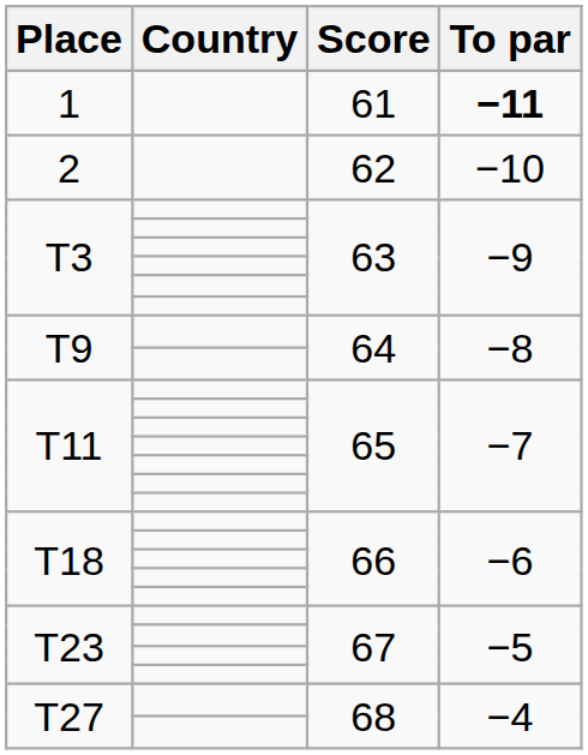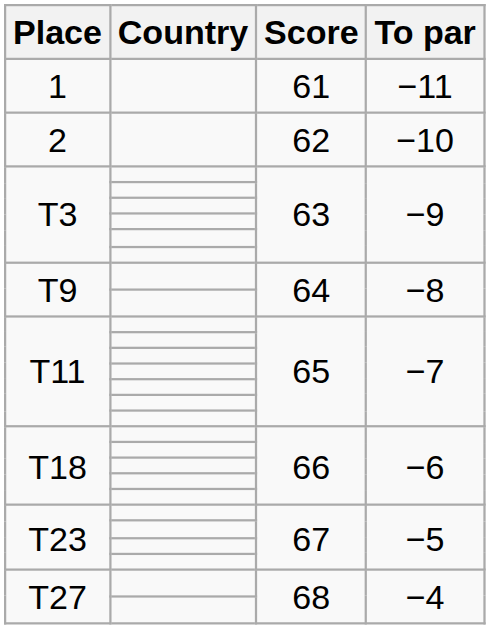 <table class="wikitable" style="font-size:95%;">
 <tr>
 <th>Place</th>
 <th>Country</th>
 <th>Score</th>
 <th>To par</th>
 </tr>
 <tr>
 <td align=center>1</td>
 <td></td>
 <td align=center>61</td>
-<td align=center><strong>−11</strong></td>
+<td align=center>−11</td>
 </tr>
 <tr>
 <td align=center>2</td>
 <td></td>
 <td align=center>62</td>
 <td align=center>−10</td>
 </tr>
 <tr>
 <td align=center rowspan=6>T3</td>
 <td></td>
 <td rowspan=6 align=center>63</td>
 <td rowspan=6 align=center>−9</td>
 </tr>
 <tr>
 <td></td>
 </tr>
 <tr>
 <td></td>
 </tr>
 <tr>
 <td></td>
 </tr>
 <tr>
 <td></td>
 </tr>
 <tr>
 <td></td>
 </tr>
 <tr>
 <td align=center rowspan=2>T9</td>
 <td></td>
 <td rowspan=2 align=center>64</td>
 <td rowspan=2 align=center>−8</td>
 </tr>
 <tr>
 <td></td>
 </tr>
 <tr>
 <td align=center rowspan=7>T11</td>
 <td></td>
 <td rowspan=7 align=center>65</td>
 <td rowspan=7 align=center>−7</td>
 </tr>
 <tr>
 <td></td>
 </tr>
 <tr>
 <td></td>
 </tr>
 <tr>
 <td></td>
 </tr>
 <tr>
 <td></td>
 </tr>
 <tr>
 <td></td>
 </tr>
 <tr>
 <td></td>
 </tr>
 <tr>
 <td align=center rowspan=5>T18</td>
 <td></td>
 <td rowspan=5 align=center>66</td>
 <td rowspan=5 align=center>−6</td>
 </tr>
 <tr>
 <td></td>
 </tr>
 <tr>
 <td></td>
 </tr>
 <tr>
 <td></td>
 </tr>
 <tr>
 <td></td>
 </tr>
 <tr>
 <td align=center rowspan=4>T23</td>
 <td></td>
 <td rowspan=4 align=center>67</td>
 <td rowspan=4 align=center>−5</td>
 </tr>
 <tr>
 <td></td>
 </tr>
 <tr>
 <td></td>
 </tr>
 <tr>
 <td></td>
 </tr>
 <tr>
 <td align=center rowspan=2>T27</td>
 <td></td>
 <td rowspan=2 align=center>68</td>
 <td rowspan=2 align=center>−4</td>
 </tr>
 <tr>
 <td></td>
 </tr>
 </table>
